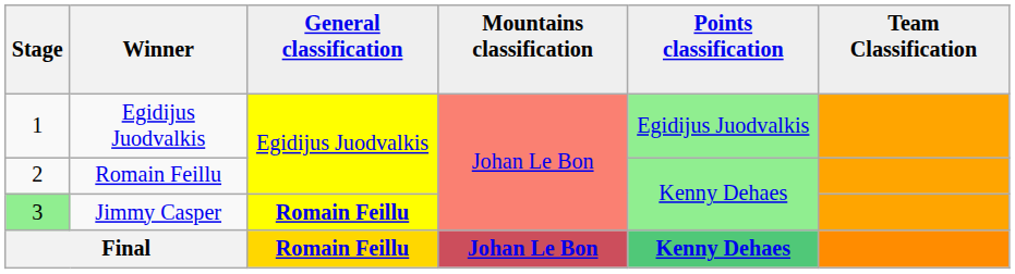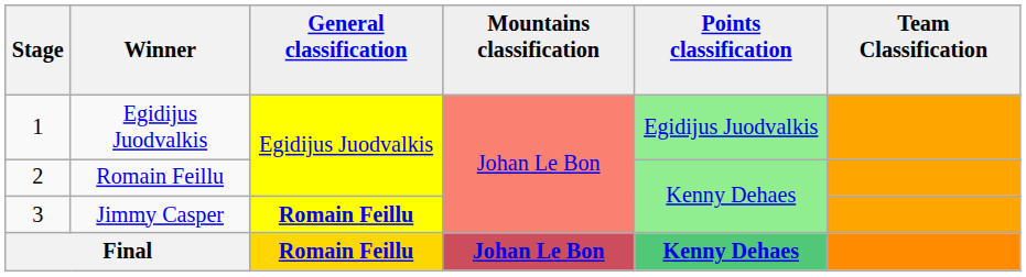 <table class="wikitable" style="text-align: center; font-size:smaller;">
 <tr style="background-color: #efefef;">
 <th width="1%">Stage</th>
 <th width="14%">Winner</th>
 <th style="background:#EFEFEF;" width="15%"><a href='#'>General classification</a><br><br></th>
 <th style="background:#EFEFEF;" width="15%">Mountains classification<br><br></th>
 <th style="background:#EFEFEF;" width="15%"><a href='#'>Points classification</a><br><br></th>
 <th style="background:#EFEFEF;" width="15%">Team Classification<br><br></th>
 </tr>
 <tr>
 <td>1</td>
 <td><a href='#'>Egidijus Juodvalkis</a></td>
 <td style="background:yellow;" rowspan="2"><a href='#'>Egidijus Juodvalkis</a></td>
 <td style="background:salmon;" rowspan="3"><a href='#'>Johan Le Bon</a></td>
 <td style="background:lightgreen;"><a href='#'>Egidijus Juodvalkis</a></td>
 <td style="background:orange;"></td>
 </tr>
 <tr>
 <td>2</td>
 <td><a href='#'>Romain Feillu</a></td>
 <td style="background:lightgreen;" rowspan="2"><a href='#'>Kenny Dehaes</a></td>
 <td style="background:orange;"></td>
 </tr>
 <tr>
-<td style="background: lightgreen;">3</td>
+<td>3</td>
 <td><a href='#'>Jimmy Casper</a></td>
 <td style="background:yellow;"><strong><a href='#'>Romain Feillu</a></strong></td>
 <td style="background:orange;"></td>
 </tr>
 <tr>
 <th colspan=2><strong>Final</strong></th>
 <th style="background:gold;"><a href='#'>Romain Feillu</a></th>
 <th style="background:#CC4E5C;"><a href='#'>Johan Le Bon</a></th>
 <th style="background:#50C878;"><a href='#'>Kenny Dehaes</a></th>
 <th style="background:#FF8C00;"></th>
 </tr>
 </table>
